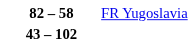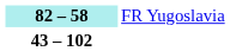 <table style="text-align:center">
 <tr>
 <th width=200></th>
 <th width=100></th>
 <th width=200></th>
 </tr>
 <tr>
 <td align=right><strong></strong></td>
-<td><strong>82 – 58</strong></td>
+<td style="background: paleturquoise;"><strong>82 – 58</strong></td>
 <td align=left> <a href='#'>FR Yugoslavia</a></td>
 </tr>
 <tr>
 <td align=right></td>
 <td><strong>43 – 102</strong></td>
 <td align=left><strong></strong></td>
 </tr>
 </table>
